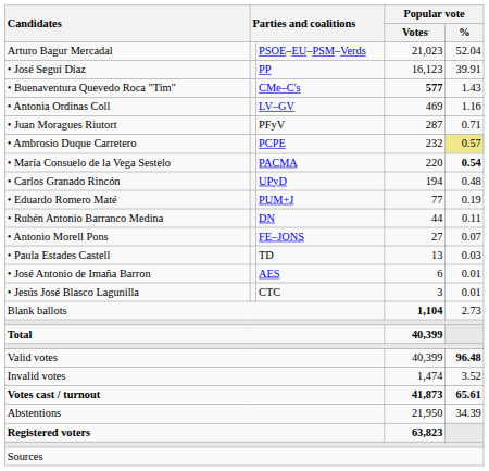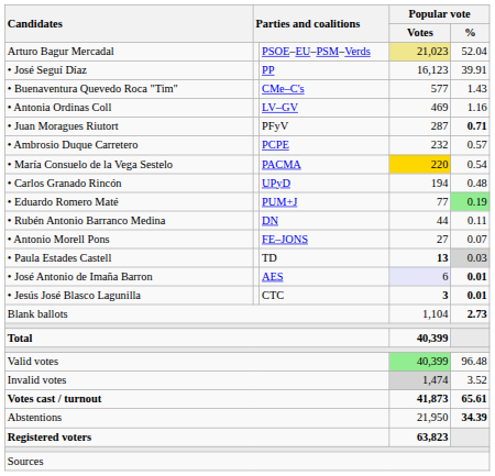 <table class="wikitable" style="text-align:right; font-size:95%;">
 <tr>
 <th style="text-align:left;" rowspan="2" width="325">Candidates</th>
 <th style="text-align:left;" rowspan="2" colspan="2" width="175">Parties and coalitions</th>
 <th colspan="2">Popular vote</th>
 </tr>
 <tr>
 <th width="75">Votes</th>
 <th width="45">%</th>
 </tr>
 <tr>
 <td align="left"> Arturo Bagur Mercadal</td>
 <td width="1" style="color:inherit;background:"></td>
 <td align="left"><a href='#'>PSOE</a>–<a href='#'>EU</a>–<a href='#'>PSM</a>–<a href='#'>Verds</a></td>
-<td>21,023</td>
+<td style="background: khaki;">21,023</td>
 <td>52.04</td>
 </tr>
 <tr>
 <td align="left">• José Seguí Díaz</td>
 <td style="color:inherit;background:"></td>
 <td align="left"><a href='#'>PP</a></td>
 <td>16,123</td>
 <td>39.91</td>
 </tr>
 <tr>
 <td align="left">• Buenaventura Quevedo Roca "Tim"</td>
 <td style="color:inherit;background:"></td>
 <td align="left"><a href='#'>CMe–C's</a></td>
-<td><strong>577</strong></td>
+<td>577</td>
 <td>1.43</td>
 </tr>
 <tr>
 <td align="left">• Antonia Ordinas Coll</td>
 <td style="color:inherit;background:"></td>
 <td align="left"><a href='#'>LV–GV</a></td>
 <td>469</td>
 <td>1.16</td>
 </tr>
 <tr>
 <td align="left">• Juan Moragues Riutort</td>
 <td style="color:inherit;background:"></td>
 <td align="left">PFyV</td>
 <td>287</td>
-<td>0.71</td>
+<td><strong>0.71</strong></td>
 </tr>
 <tr>
 <td align="left">• Ambrosio Duque Carretero</td>
 <td style="color:inherit;background:"></td>
 <td align="left"><a href='#'>PCPE</a></td>
 <td>232</td>
-<td style="background: khaki;">0.57</td>
+<td>0.57</td>
 </tr>
 <tr>
 <td align="left">• María Consuelo de la Vega Sestelo</td>
 <td style="color:inherit;background:"></td>
 <td align="left"><a href='#'>PACMA</a></td>
-<td>220</td>
-<td><strong>0.54</strong></td>
+<td style="background: gold;">220</td>
+<td>0.54</td>
 </tr>
 <tr>
 <td align="left">• Carlos Granado Rincón</td>
 <td style="color:inherit;background:"></td>
 <td align="left"><a href='#'>UPyD</a></td>
 <td>194</td>
 <td>0.48</td>
 </tr>
 <tr>
 <td align="left">• Eduardo Romero Maté</td>
 <td style="color:inherit;background:"></td>
 <td align="left"><a href='#'>PUM+J</a></td>
 <td>77</td>
-<td>0.19</td>
+<td style="background: lightgreen;">0.19</td>
 </tr>
 <tr>
 <td align="left">• Rubén Antonio Barranco Medina</td>
 <td style="color:inherit;background:"></td>
 <td align="left"><a href='#'>DN</a></td>
 <td>44</td>
 <td>0.11</td>
 </tr>
 <tr>
 <td align="left">• Antonio Morell Pons</td>
 <td style="color:inherit;background:"></td>
 <td align="left"><a href='#'>FE–JONS</a></td>
 <td>27</td>
 <td>0.07</td>
 </tr>
 <tr>
 <td align="left">• Paula Estades Castell</td>
 <td style="color:inherit;background:"></td>
 <td align="left">TD</td>
-<td>13</td>
-<td>0.03</td>
+<td><strong>13</strong></td>
+<td style="background: lightgrey;">0.03</td>
 </tr>
 <tr>
 <td align="left">• José Antonio de Imaña Barron</td>
 <td style="color:inherit;background:"></td>
 <td align="left"><a href='#'>AES</a></td>
-<td>6</td>
-<td>0.01</td>
+<td style="background: lavender;">6</td>
+<td><strong>0.01</strong></td>
 </tr>
 <tr>
 <td align="left">• Jesús José Blasco Lagunilla</td>
 <td style="color:inherit;background:"></td>
 <td align="left">CTC</td>
-<td>3</td>
-<td>0.01</td>
+<td><strong>3</strong></td>
+<td><strong>0.01</strong></td>
 </tr>
 <tr>
 <td align="left" colspan="3">Blank ballots</td>
-<td><strong>1,104</strong></td>
-<td>2.73</td>
+<td>1,104</td>
+<td><strong>2.73</strong></td>
 </tr>
 <tr>
 <td colspan="5" bgcolor="#E9E9E9"></td>
 </tr>
 <tr style="font-weight:bold;">
 <td align="left" colspan="3">Total</td>
 <td>40,399</td>
 <td bgcolor="#E9E9E9"></td>
 </tr>
 <tr>
 <td colspan="5" bgcolor="#E9E9E9"></td>
 </tr>
 <tr>
 <td align="left" colspan="3">Valid votes</td>
-<td>40,399</td>
-<td><strong>96.48</strong></td>
+<td style="background: lightgreen;">40,399</td>
+<td>96.48</td>
 </tr>
 <tr>
 <td align="left" colspan="3">Invalid votes</td>
-<td>1,474</td>
+<td style="background: lightgrey;">1,474</td>
 <td>3.52</td>
 </tr>
 <tr style="font-weight:bold;">
 <td align="left" colspan="3">Votes cast / turnout</td>
 <td>41,873</td>
 <td>65.61</td>
 </tr>
 <tr>
 <td align="left" colspan="3">Abstentions</td>
 <td>21,950</td>
-<td>34.39</td>
+<td><strong>34.39</strong></td>
 </tr>
 <tr style="font-weight:bold;">
 <td align="left" colspan="3">Registered voters</td>
 <td>63,823</td>
 <td bgcolor="#E9E9E9"></td>
 </tr>
 <tr>
 <td colspan="5" bgcolor="#E9E9E9"></td>
 </tr>
 <tr>
 <td align="left" colspan="5">Sources</td>
 </tr>
 </table>
